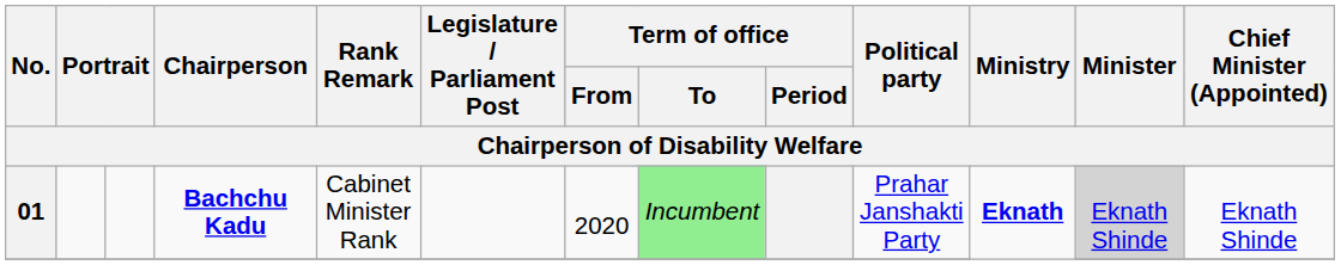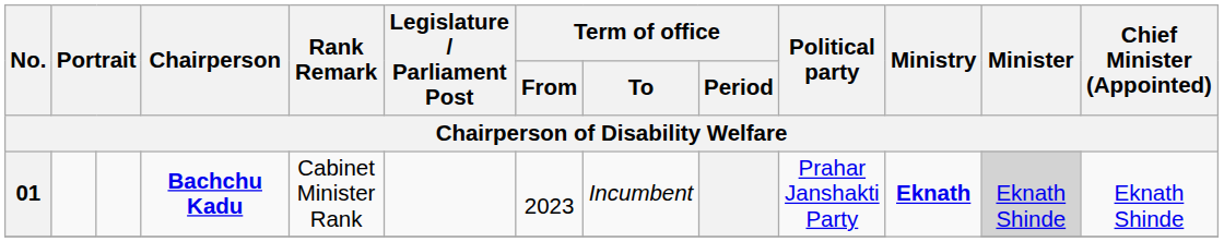 <table class="wikitable" style="text-align:center">
 <tr>
 <th rowspan="2">No.</th>
 <th rowspan="2" colspan="2">Portrait</th>
 <th rowspan="2" style="width:16em">Chairperson</th>
 <th rowspan="2" style="width:9em">Rank Remark</th>
 <th rowspan="2" style="width:9em">Legislature / Parliament Post</th>
 <th colspan="3">Term of office</th>
 <th rowspan="2" style="width:8em">Political party</th>
 <th rowspan="2">Ministry</th>
 <th rowspan="2" style="width:9em">Minister</th>
 <th rowspan="2" style="width:9em">Chief Minister <br>(Appointed)</th>
 </tr>
 <tr>
 <th style="width:6em">From</th>
 <th style="width:6em">To</th>
 <th>Period</th>
 </tr>
 <tr>
 <th colspan="13">Chairperson of Disability Welfare</th>
 </tr>
 <tr>
 <th>01</th>
 <td style="color:inherit;background:"></td>
 <td></td>
 <td><strong><a href='#'>Bachchu Kadu</a></strong></td>
 <td>Cabinet Minister Rank</td>
 <td></td>
-<td><br>2020</td>
-<td style="background: lightgreen;"><em>Incumbent</em></td>
+<td><br>2023</td>
+<td><em>Incumbent</em></td>
 <th></th>
 <td><a href='#'>Prahar Janshakti Party</a></td>
 <td rowspan="2"><a href='#'><strong>Eknath</strong></a></td>
 <td rowspan="1" style="background: lightgrey;"> <br><a href='#'>Eknath Shinde</a></td>
 <td rowspan="1"> <br><a href='#'>Eknath Shinde</a></td>
 </tr>
 <tr>
 </tr>
 </table>
